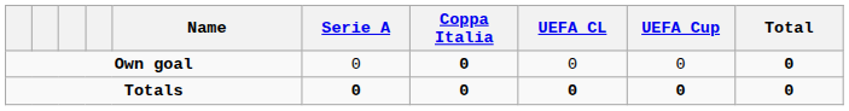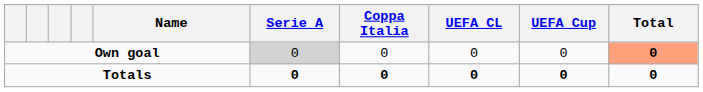 <table class="wikitable" style="text-align:center">
 <tr>
 <th width=15></th>
 <th width=15></th>
 <th width=15></th>
 <th width=15></th>
 <th width=145>Name</th>
 <th width=80><a href='#'>Serie A</a></th>
 <th width=80><a href='#'>Coppa Italia</a></th>
 <th width=80><a href='#'>UEFA CL</a></th>
 <th width=80><a href='#'>UEFA Cup</a></th>
 <th width=80>Total</th>
 </tr>
 <tr>
 <td colspan=5><strong>Own goal</strong></td>
-<td>0</td>
-<td><strong>0</strong></td>
+<td style="background: lightgrey;">0</td>
 <td>0</td>
 <td>0</td>
-<td><strong>0</strong></td>
+<td>0</td>
+<td style="background: lightsalmon;"><strong>0</strong></td>
 </tr>
 <tr>
 <td colspan=5><strong>Totals</strong></td>
 <td><strong>0</strong></td>
 <td><strong>0</strong></td>
 <td><strong>0</strong></td>
 <td><strong>0</strong></td>
 <td><strong>0</strong></td>
 </tr>
 </table>
